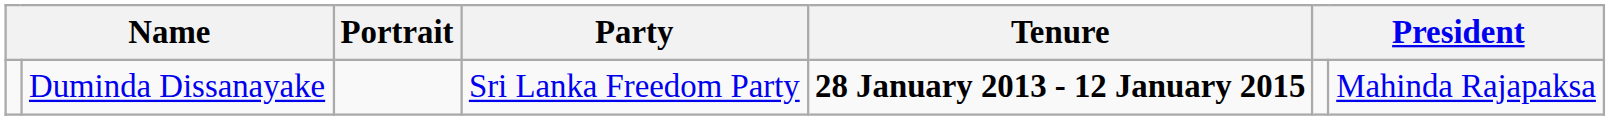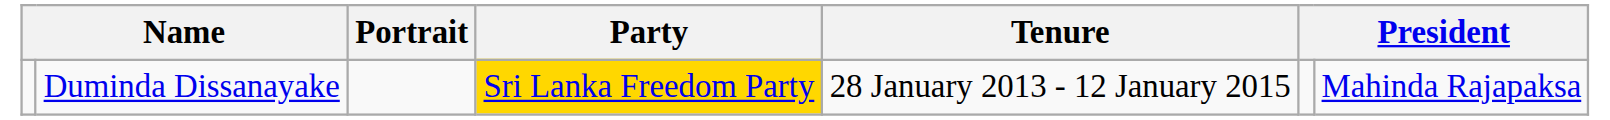 <table class="wikitable" style="margin: 1em auto; font-size:90%; text-align:center;">
 <tr>
 <th colspan="2">Name</th>
 <th>Portrait</th>
 <th>Party</th>
 <th>Tenure</th>
 <th colspan="2"><a href='#'>President</a></th>
 </tr>
 <tr>
 <td !align="center" style="background:"></td>
 <td><a href='#'>Duminda Dissanayake</a></td>
 <td></td>
-<td><a href='#'>Sri Lanka Freedom Party</a></td>
-<td><strong>28 January 2013 - 12 January 2015</strong></td>
+<td style="background: gold;"><a href='#'>Sri Lanka Freedom Party</a></td>
+<td>28 January 2013 - 12 January 2015</td>
 <td !align="center" style="background:"></td>
 <td><a href='#'>Mahinda Rajapaksa</a></td>
 </tr>
 </table>
